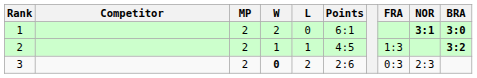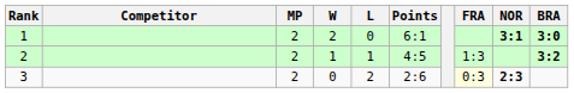 <table class="wikitable" style="text-align:center">
 <tr>
 <th>Rank</th>
 <th style="width:18em">Competitor</th>
 <th style="width:2.5em">MP</th>
 <th style="width:2.5em">W</th>
 <th style="width:2.5em">L</th>
 <th>Points</th>
 <th rowspan="4"> </th>
 <th style="width:2.5em">FRA</th>
 <th style="width:2.5em">NOR</th>
 <th style="width:2.5em">BRA</th>
 </tr>
 <tr style="background:#cfc;">
 <td>1</td>
 <td style="text-align:left"></td>
 <td>2</td>
 <td>2</td>
 <td>0</td>
 <td>6:1</td>
 <td></td>
 <td><strong>3:1</strong></td>
 <td><strong>3:0</strong></td>
 </tr>
 <tr style="background:#cfc;">
 <td>2</td>
 <td style="text-align:left"></td>
 <td>2</td>
 <td>1</td>
 <td>1</td>
 <td>4:5</td>
 <td>1:3</td>
 <td></td>
 <td><strong>3:2</strong></td>
 </tr>
 <tr>
 <td>3</td>
 <td style="text-align:left"></td>
 <td>2</td>
-<td><strong>0</strong></td>
+<td>0</td>
 <td>2</td>
 <td>2:6</td>
-<td>0:3</td>
-<td>2:3</td>
+<td style="background: lightyellow;">0:3</td>
+<td><strong>2:3</strong></td>
 <td></td>
 </tr>
 </table>
